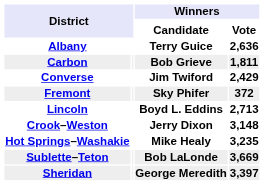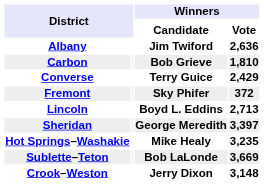 <table class="toccolours sortable" style="text-align:center;">
 <tr style="background:lavender">
 <th rowspan="3" colspan="2">District</th>
 <th colspan=2>Winners</th>
 </tr>
 <tr>
 <th colspan=2 style="background-color:"></th>
 </tr>
 <tr>
 <th align="center">Candidate</th>
 <th align="center">Vote</th>
 </tr>
 <tr>
 <th><a href='#'>Albany</a></th>
 <td style="background-color:"></td>
-<td><strong>Terry Guice</strong></td>
+<td><strong>Jim Twiford</strong></td>
 <td><strong>2,636</strong></td>
 </tr>
 <tr style="background:#EEEEEE;">
 <th><a href='#'>Carbon</a></th>
 <td style="background-color:"></td>
 <td><strong>Bob Grieve</strong></td>
-<td><strong>1,811</strong></td>
+<td><strong>1,810</strong></td>
 </tr>
 <tr>
 <th><a href='#'>Converse</a></th>
 <td style="background-color:"></td>
-<td><strong>Jim Twiford</strong></td>
+<td><strong>Terry Guice</strong></td>
 <td><strong>2,429</strong></td>
 </tr>
 <tr style="background:#EEEEEE;">
 <th><a href='#'>Fremont</a></th>
 <td style="background-color:"></td>
 <td><strong>Sky Phifer</strong></td>
 <td><strong>372</strong></td>
 </tr>
 <tr>
 <th><a href='#'>Lincoln</a></th>
 <td style="background-color:"></td>
 <td><strong>Boyd L. Eddins</strong></td>
 <td><strong>2,713</strong></td>
 </tr>
-<tr>
-<th><a href='#'>Crook</a>–<a href='#'>Weston</a></th>
+<tr style="background:#EEEEEE;">
+<th><a href='#'>Sheridan</a></th>
 <td style="background-color:"></td>
-<td><strong>Jerry Dixon</strong></td>
-<td><strong>3,148</strong></td>
+<td><strong>George Meredith</strong></td>
+<td><strong>3,397</strong></td>
 </tr>
 <tr>
 <th><a href='#'>Hot Springs</a>–<a href='#'>Washakie</a></th>
 <td style="background-color:"></td>
 <td><strong>Mike Healy</strong></td>
 <td><strong>3,235</strong></td>
 </tr>
 <tr style="background:#EEEEEE;">
 <th><a href='#'>Sublette</a>–<a href='#'>Teton</a></th>
 <td style="background-color:"></td>
 <td><strong>Bob LaLonde</strong></td>
 <td><strong>3,669</strong></td>
 </tr>
-<tr style="background:#EEEEEE;">
-<th><a href='#'>Sheridan</a></th>
+<tr>
+<th><a href='#'>Crook</a>–<a href='#'>Weston</a></th>
 <td style="background-color:"></td>
-<td><strong>George Meredith</strong></td>
-<td><strong>3,397</strong></td>
+<td><strong>Jerry Dixon</strong></td>
+<td><strong>3,148</strong></td>
 </tr>
 <tr>
 </tr>
 </table>
